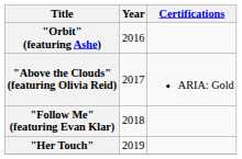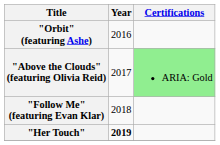 <table class="wikitable plainrowheaders" style="text-align:center;">
 <tr>
 <th scope="col" rowspan="1">Title</th>
 <th scope="col" rowspan="1">Year</th>
 <th scope="col" rowspan="1"><a href='#'>Certifications</a></th>
 </tr>
 <tr>
 <th scope="row">"Orbit"<br> (featuring <a href='#'>Ashe</a>)</th>
 <td>2016</td>
 <td></td>
 </tr>
 <tr>
 <th scope="row">"Above the Clouds"<br> (featuring Olivia Reid)</th>
 <td>2017</td>
-<td><br><ul><li>ARIA: Gold</li></ul></td>
+<td style="background: lightgreen;"><br><ul><li>ARIA: Gold</li></ul></td>
 </tr>
 <tr>
 <th scope="row">"Follow Me"<br> (featuring Evan Klar)</th>
 <td>2018</td>
 <td></td>
 </tr>
 <tr>
 <th scope="row">"Her Touch"</th>
-<td>2019</td>
+<td><strong>2019</strong></td>
 <td></td>
 </tr>
 <tr>
 </tr>
 </table>
